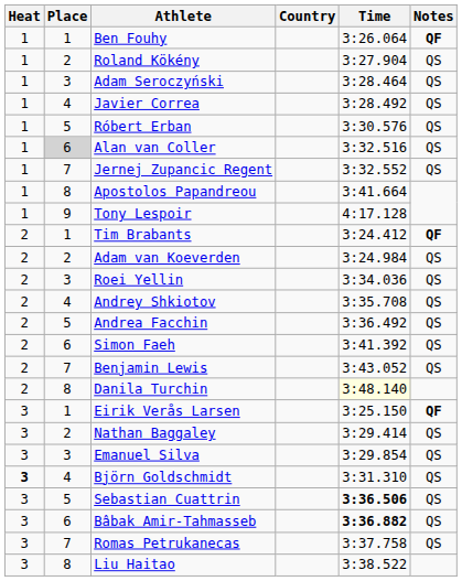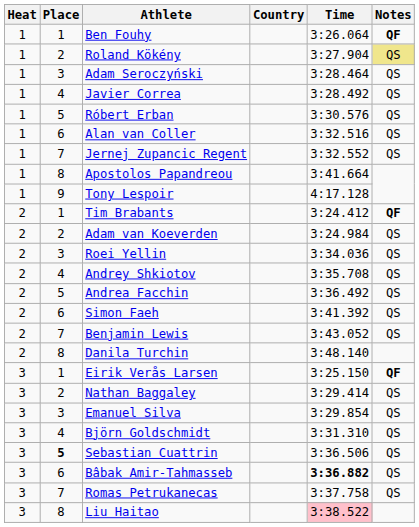 <table class="wikitable sortable" style="text-align:center">
 <tr>
 <th>Heat</th>
 <th>Place</th>
 <th>Athlete</th>
 <th>Country</th>
 <th>Time</th>
 <th>Notes</th>
 </tr>
 <tr>
 <td>1</td>
 <td>1</td>
 <td align=left><a href='#'>Ben Fouhy</a></td>
 <td></td>
 <td width=60>3:26.064</td>
 <td><strong>QF</strong></td>
 </tr>
 <tr>
 <td>1</td>
 <td>2</td>
 <td align=left><a href='#'>Roland Kökény</a></td>
 <td></td>
 <td>3:27.904</td>
-<td>QS</td>
+<td style="background: khaki;">QS</td>
 </tr>
 <tr>
 <td>1</td>
 <td>3</td>
 <td align=left><a href='#'>Adam Seroczyński</a></td>
 <td></td>
 <td>3:28.464</td>
 <td>QS</td>
 </tr>
 <tr>
 <td>1</td>
 <td>4</td>
 <td align=left><a href='#'>Javier Correa</a></td>
 <td></td>
 <td>3:28.492</td>
 <td>QS</td>
 </tr>
 <tr>
 <td>1</td>
 <td>5</td>
 <td align=left><a href='#'>Róbert Erban</a></td>
 <td></td>
 <td>3:30.576</td>
 <td>QS</td>
 </tr>
 <tr>
 <td>1</td>
-<td style="background: lightgrey;">6</td>
+<td>6</td>
 <td align=left><a href='#'>Alan van Coller</a></td>
 <td></td>
 <td>3:32.516</td>
 <td>QS</td>
 </tr>
 <tr>
 <td>1</td>
 <td>7</td>
 <td align=left><a href='#'>Jernej Zupancic Regent</a></td>
 <td></td>
 <td>3:32.552</td>
 <td>QS</td>
 </tr>
 <tr>
 <td>1</td>
 <td>8</td>
 <td align=left><a href='#'>Apostolos Papandreou</a></td>
 <td></td>
 <td>3:41.664</td>
 </tr>
 <tr>
 <td>1</td>
 <td>9</td>
 <td align=left><a href='#'>Tony Lespoir</a></td>
 <td></td>
 <td>4:17.128</td>
 </tr>
 <tr>
 <td>2</td>
 <td>1</td>
 <td align=left><a href='#'>Tim Brabants</a></td>
 <td></td>
 <td>3:24.412</td>
 <td><strong>QF</strong></td>
 </tr>
 <tr>
 <td>2</td>
 <td>2</td>
 <td align=left><a href='#'>Adam van Koeverden</a></td>
 <td></td>
 <td>3:24.984</td>
 <td>QS</td>
 </tr>
 <tr>
 <td>2</td>
 <td>3</td>
 <td align=left><a href='#'>Roei Yellin</a></td>
 <td></td>
 <td>3:34.036</td>
 <td>QS</td>
 </tr>
 <tr>
 <td>2</td>
 <td>4</td>
 <td align=left><a href='#'>Andrey Shkiotov</a></td>
 <td></td>
 <td>3:35.708</td>
 <td>QS</td>
 </tr>
 <tr>
 <td>2</td>
 <td>5</td>
 <td align=left><a href='#'>Andrea Facchin</a></td>
 <td></td>
 <td>3:36.492</td>
 <td>QS</td>
 </tr>
 <tr>
 <td>2</td>
 <td>6</td>
 <td align=left><a href='#'>Simon Faeh</a></td>
 <td></td>
 <td>3:41.392</td>
 <td>QS</td>
 </tr>
 <tr>
 <td>2</td>
 <td>7</td>
 <td align=left><a href='#'>Benjamin Lewis</a></td>
 <td></td>
 <td>3:43.052</td>
 <td>QS</td>
 </tr>
 <tr>
 <td>2</td>
 <td>8</td>
 <td align=left><a href='#'>Danila Turchin</a></td>
 <td></td>
-<td style="background: lightyellow;">3:48.140</td>
+<td>3:48.140</td>
 </tr>
 <tr>
 <td>3</td>
 <td>1</td>
 <td align=left><a href='#'>Eirik Verås Larsen</a></td>
 <td></td>
 <td>3:25.150</td>
 <td><strong>QF</strong></td>
 </tr>
 <tr>
 <td>3</td>
 <td>2</td>
 <td align=left><a href='#'>Nathan Baggaley</a></td>
 <td></td>
 <td>3:29.414</td>
 <td>QS</td>
 </tr>
 <tr>
 <td>3</td>
 <td>3</td>
 <td align=left><a href='#'>Emanuel Silva</a></td>
 <td></td>
 <td>3:29.854</td>
 <td>QS</td>
 </tr>
 <tr>
-<td><strong>3</strong></td>
+<td>3</td>
 <td>4</td>
 <td align=left><a href='#'>Björn Goldschmidt</a></td>
 <td></td>
 <td>3:31.310</td>
 <td>QS</td>
 </tr>
 <tr>
 <td>3</td>
-<td>5</td>
+<td><strong>5</strong></td>
 <td align=left><a href='#'>Sebastian Cuattrin</a></td>
 <td></td>
-<td><strong>3:36.506</strong></td>
+<td>3:36.506</td>
 <td>QS</td>
 </tr>
 <tr>
 <td>3</td>
 <td>6</td>
 <td align=left><a href='#'>Bâbak Amir-Tahmasseb</a></td>
 <td></td>
 <td><strong>3:36.882</strong></td>
 <td>QS</td>
 </tr>
 <tr>
 <td>3</td>
 <td>7</td>
 <td align=left><a href='#'>Romas Petrukanecas</a></td>
 <td></td>
 <td>3:37.758</td>
 <td>QS</td>
 </tr>
 <tr>
 <td>3</td>
 <td>8</td>
 <td align=left><a href='#'>Liu Haitao</a></td>
 <td></td>
-<td>3:38.522</td>
+<td style="background: pink;">3:38.522</td>
 </tr>
 </table>
